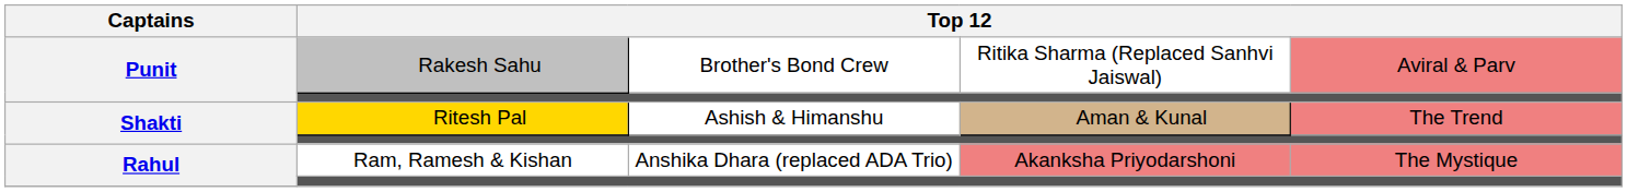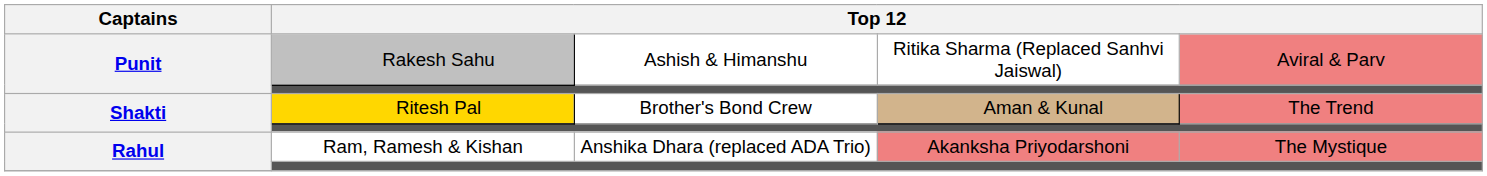 <table class="wikitable" style="text-align:center; width:100%;">
 <tr>
 <th style="width:15%;">Captains</th>
 <th style="width:85%;" colspan="5">Top 12</th>
 </tr>
 <tr>
 <th rowspan="2"><a href='#'>Punit</a></th>
 <td style="background:silver; border:1px solid black">      Rakesh Sahu</td>
-<td style="background:white; width:17%" style="background:#FFB6C1">Brother's Bond Crew</td>
+<td style="background:white; width:17%" style="background:#FFB6C1">Ashish & Himanshu</td>
 <td style="background:white; width:17%" style="background:#FFB6C1">Ritika Sharma (Replaced Sanhvi Jaiswal)</td>
 <td style="background:#F08080; width:17%">Aviral & Parv</td>
 </tr>
 <tr>
 <td colspan="5" style="background:#555;"></td>
 </tr>
 <tr>
 <th rowspan="2"><a href='#'>Shakti</a></th>
 <td style="background:gold; border:1px solid black">      Ritesh Pal</td>
-<td style="background:white; width:17%" style="background:#FFB6C1">Ashish & Himanshu</td>
+<td style="background:white; width:17%" style="background:#FFB6C1">Brother's Bond Crew</td>
 <td style="background:tan; border:1px solid black">      Aman & Kunal</td>
 <td style="background:#F08080; width:17%">The Trend</td>
 </tr>
 <tr>
 <td colspan="5" style="background:#555;"></td>
 </tr>
 <tr>
 <th rowspan="2";><a href='#'>Rahul</a></th>
 <td style="background:white; width:17%" style="background:#FFB6C1">Ram, Ramesh & Kishan</td>
 <td style="background:white; width:17%">Anshika Dhara (replaced ADA Trio)</td>
 <td style="background:#F08080; width:17%">Akanksha Priyodarshoni</td>
 <td style="background:#F08080; width:17%">The Mystique</td>
 </tr>
 <tr>
 <td colspan="5" style="background:#555;"></td>
 </tr>
 <tr>
 </tr>
 </table>
